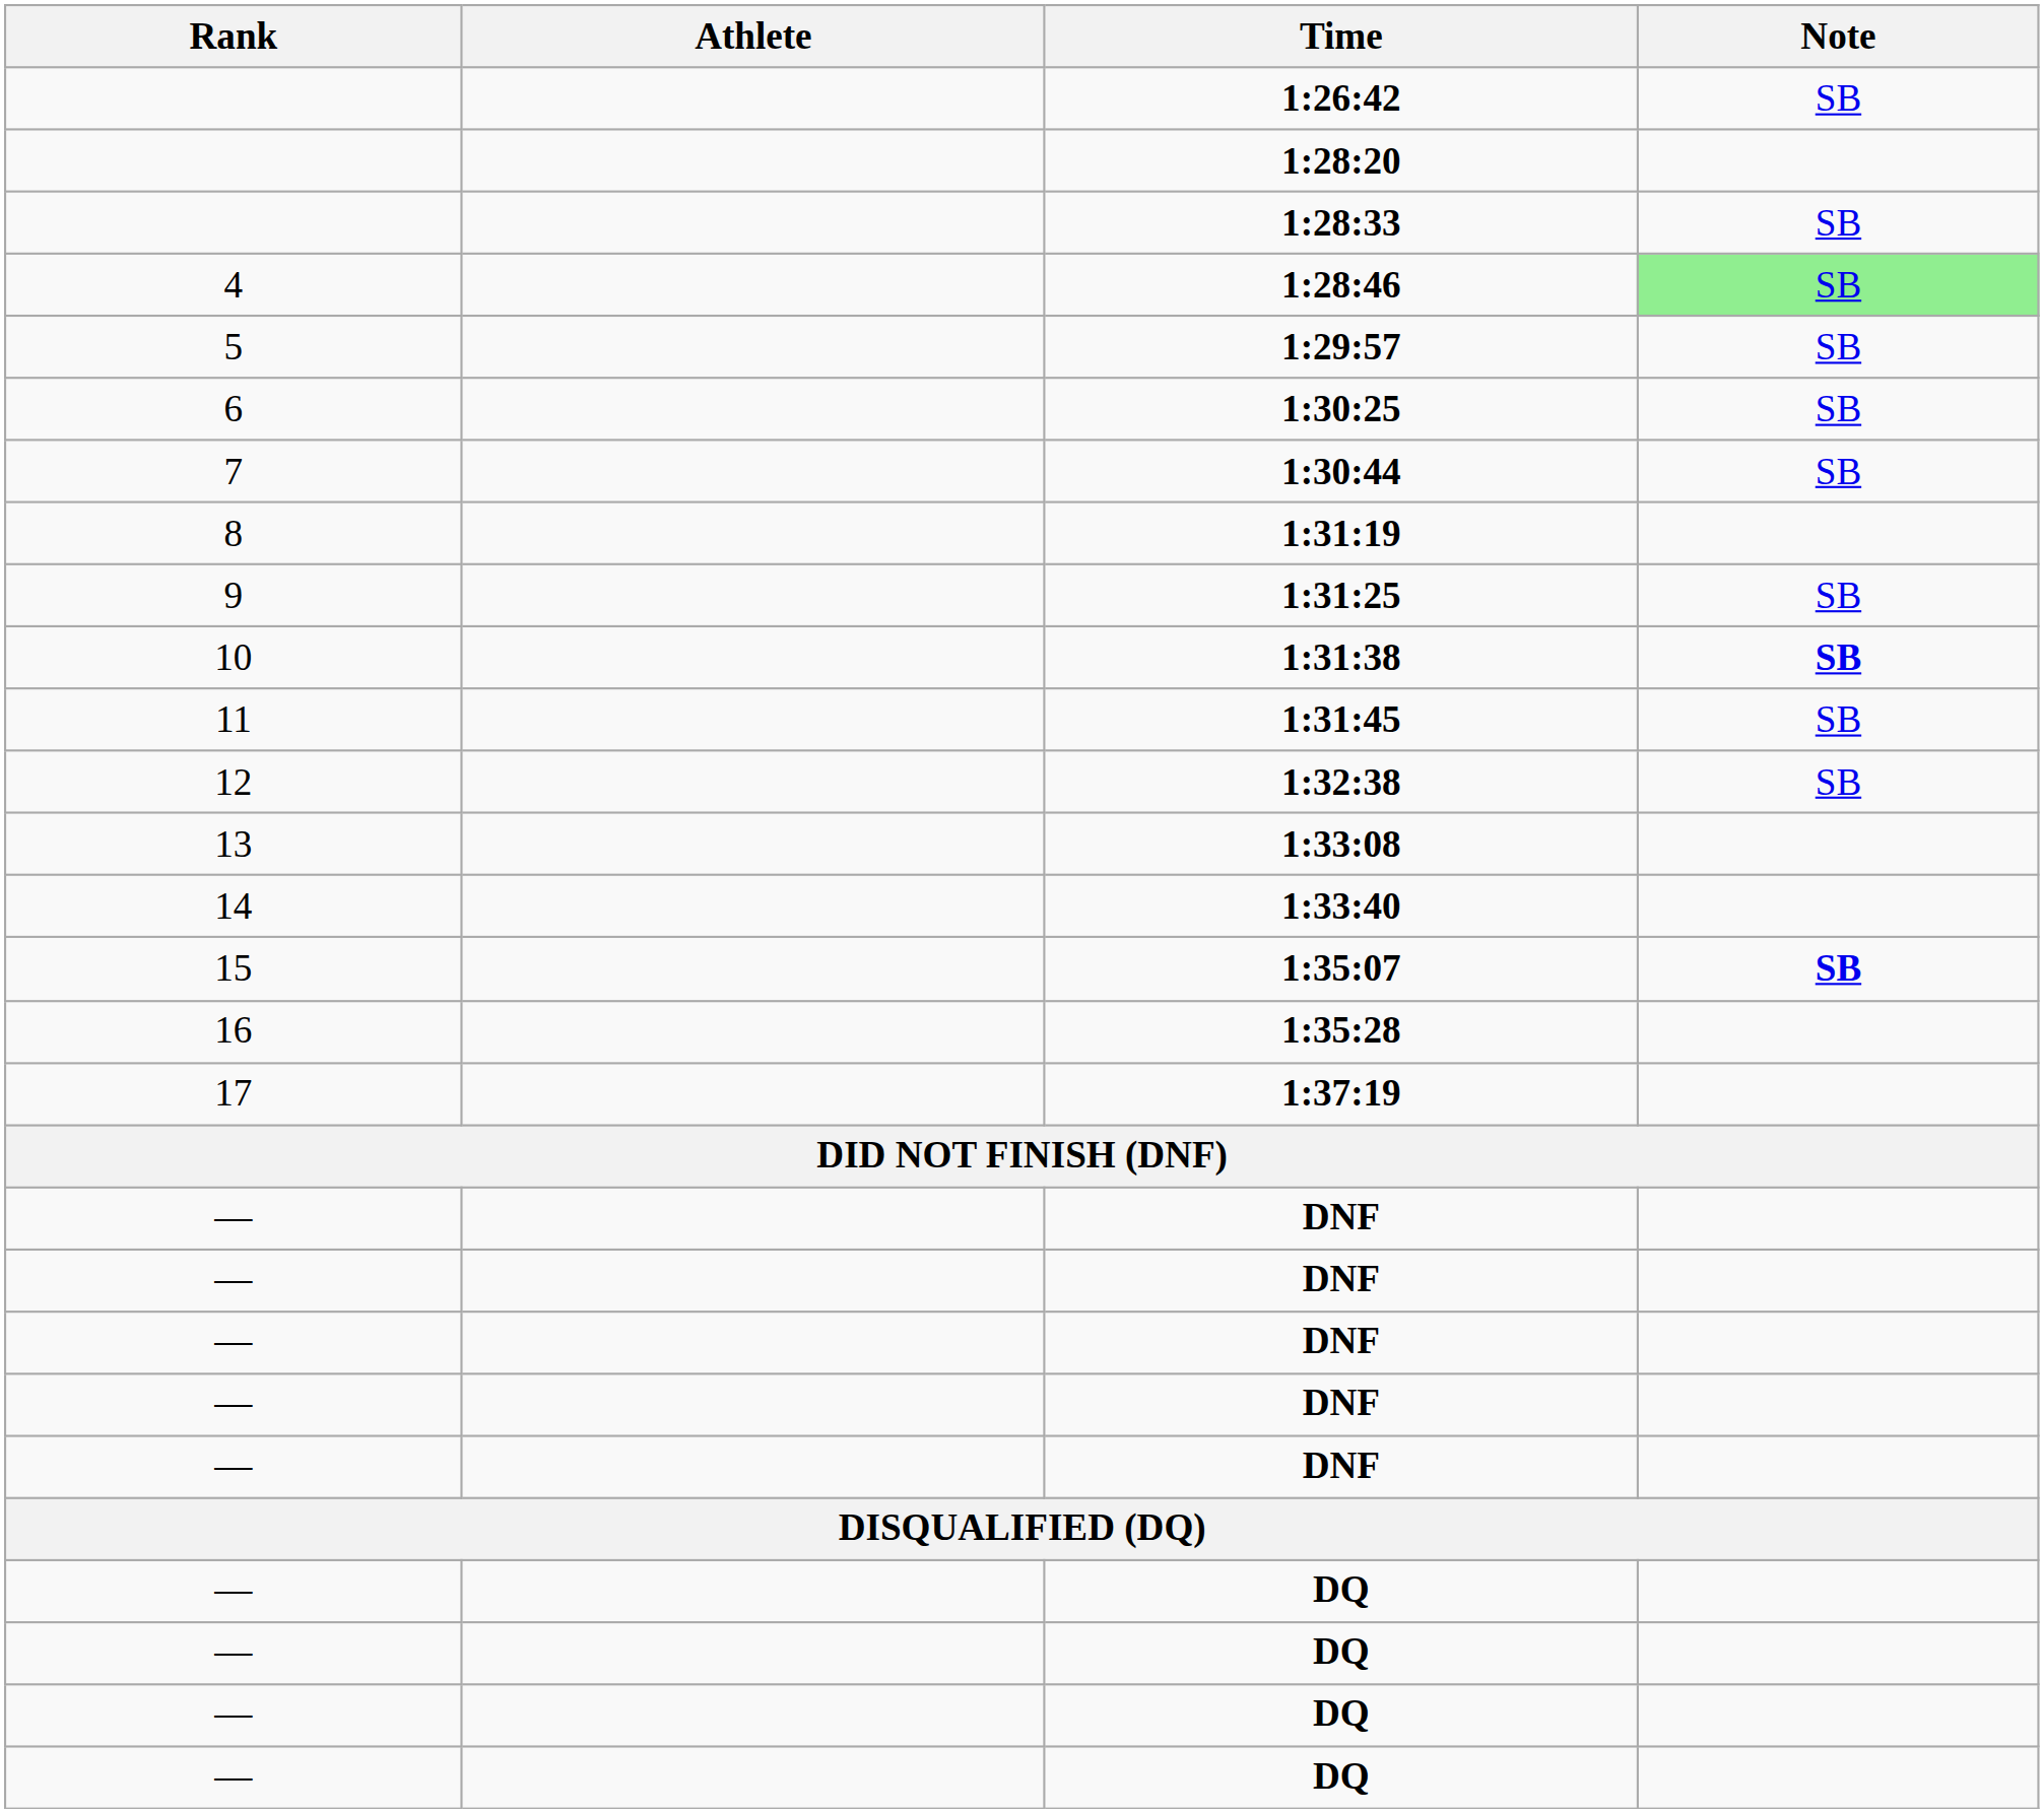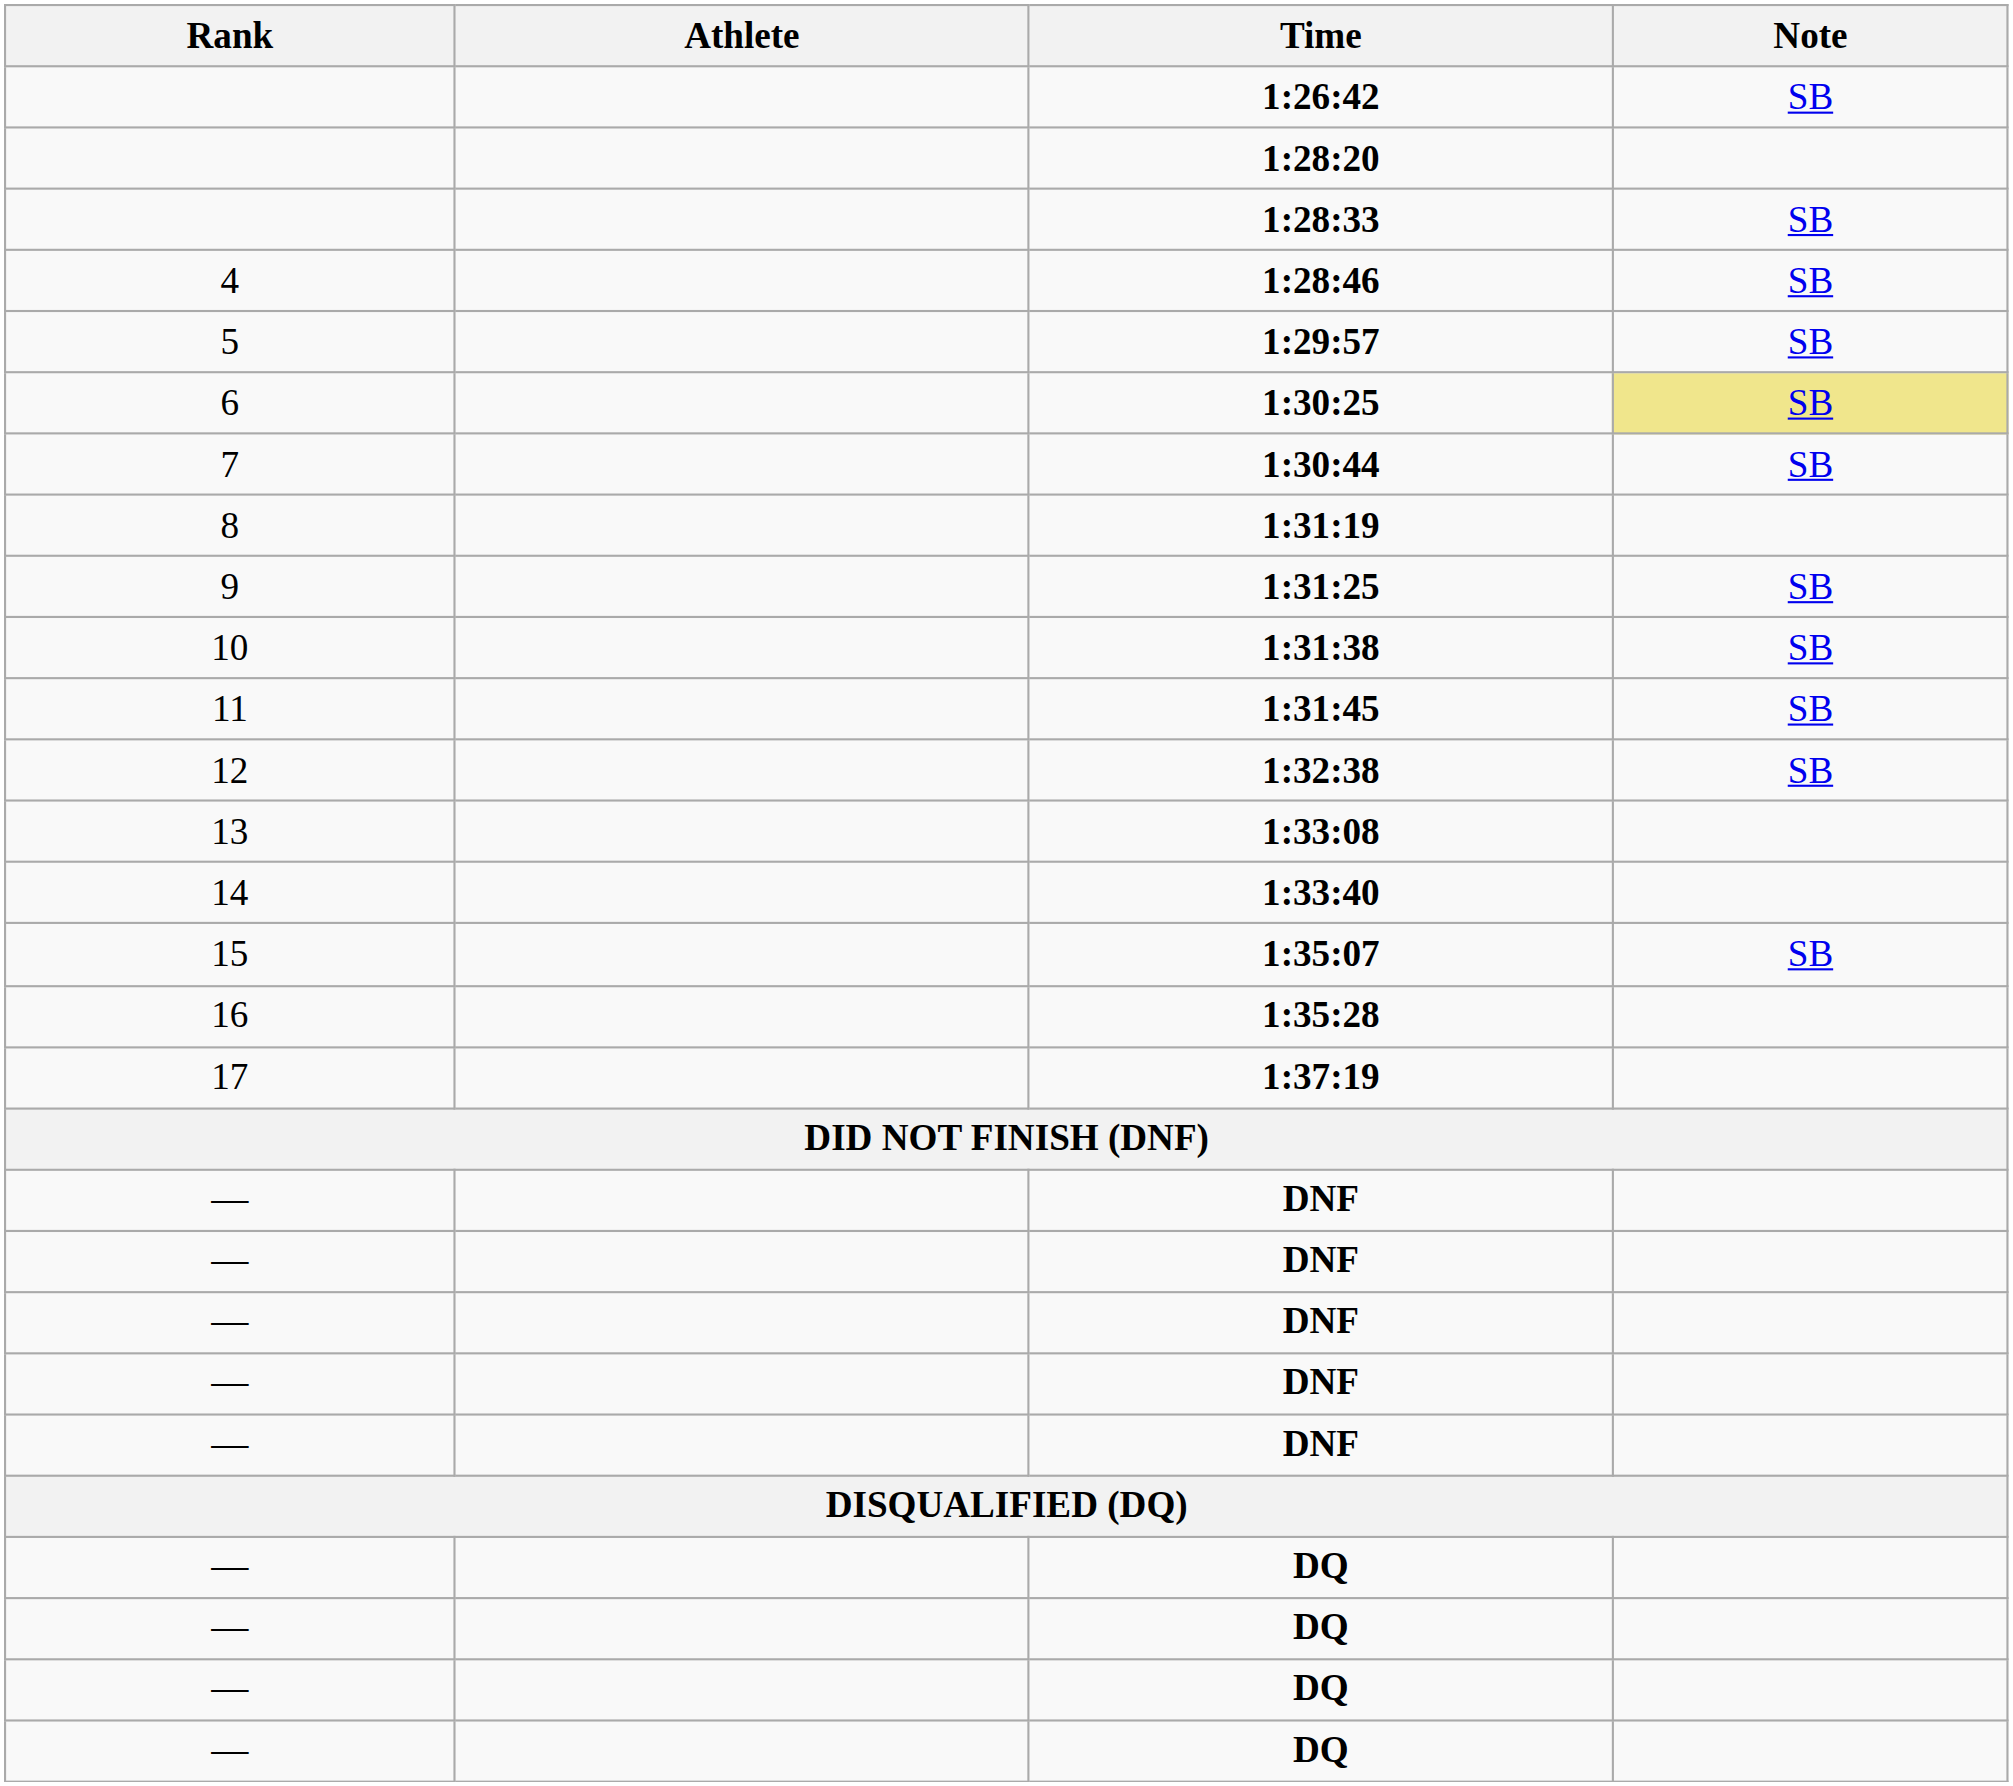 <table class="wikitable" style=" text-align:center; font-size:110%;" width="60%">
 <tr>
 <th>Rank</th>
 <th>Athlete</th>
 <th>Time</th>
 <th>Note</th>
 </tr>
 <tr>
 <td></td>
 <td align=left></td>
 <td><strong>1:26:42</strong></td>
 <td><a href='#'>SB</a></td>
 </tr>
 <tr>
 <td></td>
 <td align=left></td>
 <td align="center"><strong>1:28:20</strong></td>
 <td></td>
 </tr>
 <tr>
 <td></td>
 <td align=left></td>
 <td align="center"><strong>1:28:33</strong></td>
 <td><a href='#'>SB</a></td>
 </tr>
 <tr>
 <td>4</td>
 <td align=left></td>
 <td align="center"><strong>1:28:46</strong></td>
-<td style="background: lightgreen;"><a href='#'>SB</a></td>
+<td><a href='#'>SB</a></td>
 </tr>
 <tr>
 <td>5</td>
 <td align=left></td>
 <td align="center"><strong>1:29:57</strong></td>
 <td><a href='#'>SB</a></td>
 </tr>
 <tr>
 <td>6</td>
 <td align=left></td>
 <td align="center"><strong>1:30:25</strong></td>
-<td><a href='#'>SB</a></td>
+<td style="background: khaki;"><a href='#'>SB</a></td>
 </tr>
 <tr>
 <td>7</td>
 <td align=left></td>
 <td align="center"><strong>1:30:44</strong></td>
 <td><a href='#'>SB</a></td>
 </tr>
 <tr>
 <td>8</td>
 <td align=left></td>
 <td align="center"><strong>1:31:19</strong></td>
 <td></td>
 </tr>
 <tr>
 <td>9</td>
 <td align=left></td>
 <td align="center"><strong>1:31:25</strong></td>
 <td><a href='#'>SB</a></td>
 </tr>
 <tr>
 <td>10</td>
 <td align=left></td>
 <td align="center"><strong>1:31:38</strong></td>
-<td><strong><a href='#'>SB</a></strong></td>
+<td><a href='#'>SB</a></td>
 </tr>
 <tr>
 <td>11</td>
 <td align=left></td>
 <td align="center"><strong>1:31:45</strong></td>
 <td><a href='#'>SB</a></td>
 </tr>
 <tr>
 <td>12</td>
 <td align=left></td>
 <td align="center"><strong>1:32:38</strong></td>
 <td><a href='#'>SB</a></td>
 </tr>
 <tr>
 <td>13</td>
 <td align=left></td>
 <td align="center"><strong>1:33:08</strong></td>
 <td></td>
 </tr>
 <tr>
 <td>14</td>
 <td align=left></td>
 <td align="center"><strong>1:33:40</strong></td>
 <td></td>
 </tr>
 <tr>
 <td>15</td>
 <td align=left></td>
 <td align="center"><strong>1:35:07</strong></td>
-<td><strong><a href='#'>SB</a></strong></td>
+<td><a href='#'>SB</a></td>
 </tr>
 <tr>
 <td>16</td>
 <td align=left></td>
 <td align="center"><strong>1:35:28</strong></td>
 <td></td>
 </tr>
 <tr>
 <td>17</td>
 <td align=left></td>
 <td align="center"><strong>1:37:19</strong></td>
 <td></td>
 </tr>
 <tr>
 <th colspan="4">DID NOT FINISH (DNF)</th>
 </tr>
 <tr>
 <td>—</td>
 <td align=left></td>
 <td align="center"><strong>DNF</strong></td>
 <td></td>
 </tr>
 <tr>
 <td>—</td>
 <td align=left></td>
 <td align="center"><strong>DNF</strong></td>
 <td></td>
 </tr>
 <tr>
 <td>—</td>
 <td align=left></td>
 <td align="center"><strong>DNF</strong></td>
 <td></td>
 </tr>
 <tr>
 <td>—</td>
 <td align=left></td>
 <td align="center"><strong>DNF</strong></td>
 <td></td>
 </tr>
 <tr>
 <td>—</td>
 <td align=left></td>
 <td align="center"><strong>DNF</strong></td>
 <td></td>
 </tr>
 <tr>
 <th colspan="4">DISQUALIFIED (DQ)</th>
 </tr>
 <tr>
 <td>—</td>
 <td align=left></td>
 <td align="center"><strong>DQ</strong></td>
 <td></td>
 </tr>
 <tr>
 <td>—</td>
 <td align=left></td>
 <td align="center"><strong>DQ</strong></td>
 <td></td>
 </tr>
 <tr>
 <td>—</td>
 <td align=left></td>
 <td align="center"><strong>DQ</strong></td>
 <td></td>
 </tr>
 <tr>
 <td>—</td>
 <td align=left></td>
 <td align="center"><strong>DQ</strong></td>
 <td></td>
 </tr>
 </table>
